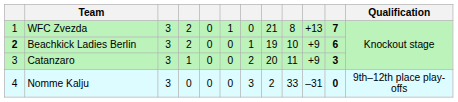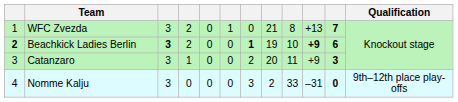 <table class="wikitable" style="font-size: 100%">
 <tr>
 <th width="25"></th>
 <th width="200">Team</th>
 <th width="25"></th>
 <th width="25"></th>
 <th width="25"></th>
 <th width="25"></th>
 <th width="25"></th>
 <th width="25"></th>
 <th width="25"></th>
 <th width="25"></th>
 <th width="25"></th>
 <th width="160">Qualification</th>
 </tr>
 <tr align=center bgcolor=#bbf3bb>
 <td>1</td>
 <td align=left> WFC Zvezda</td>
 <td>3</td>
 <td>2</td>
 <td>0</td>
 <td>1</td>
 <td>0</td>
 <td>21</td>
 <td>8</td>
 <td>+13</td>
 <td><strong>7</strong></td>
 <td rowspan=3>Knockout stage</td>
 </tr>
 <tr align=center bgcolor=#bbf3bb>
 <td><strong>2</strong></td>
 <td align=left> Beachkick Ladies Berlin</td>
-<td>3</td>
+<td><strong>3</strong></td>
 <td>2</td>
 <td>0</td>
 <td>0</td>
-<td>1</td>
+<td><strong>1</strong></td>
 <td>19</td>
 <td>10</td>
-<td>+9</td>
+<td><strong>+9</strong></td>
 <td><strong>6</strong></td>
 </tr>
 <tr align=center bgcolor=#bbf3bb>
 <td>3</td>
 <td align=left> Catanzaro</td>
 <td>3</td>
 <td>1</td>
 <td>0</td>
 <td>0</td>
 <td>2</td>
 <td>20</td>
 <td>11</td>
 <td>+9</td>
 <td><strong>3</strong></td>
 </tr>
 <tr align=center bgcolor=#ddfcff>
 <td>4</td>
 <td align=left> Nomme Kalju</td>
 <td>3</td>
 <td>0</td>
 <td>0</td>
 <td>0</td>
 <td>3</td>
 <td>2</td>
 <td>33</td>
 <td>–31</td>
 <td><strong>0</strong></td>
 <td>9th–12th place play-offs</td>
 </tr>
 </table>
